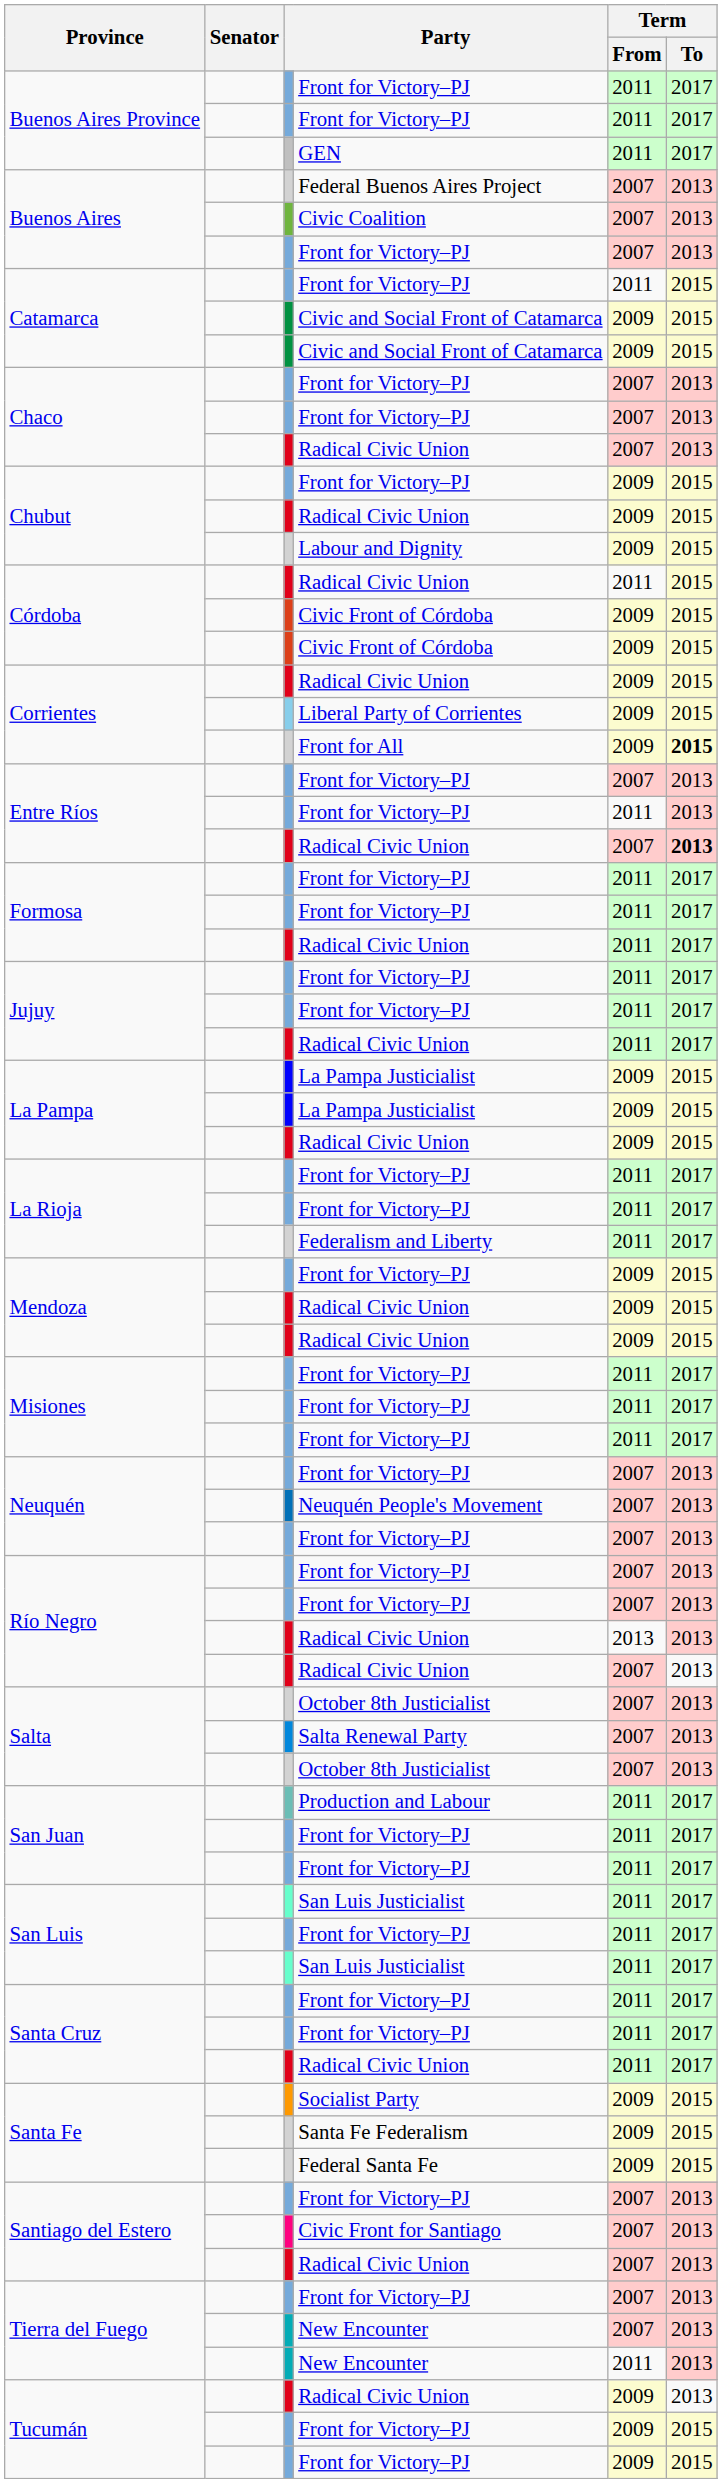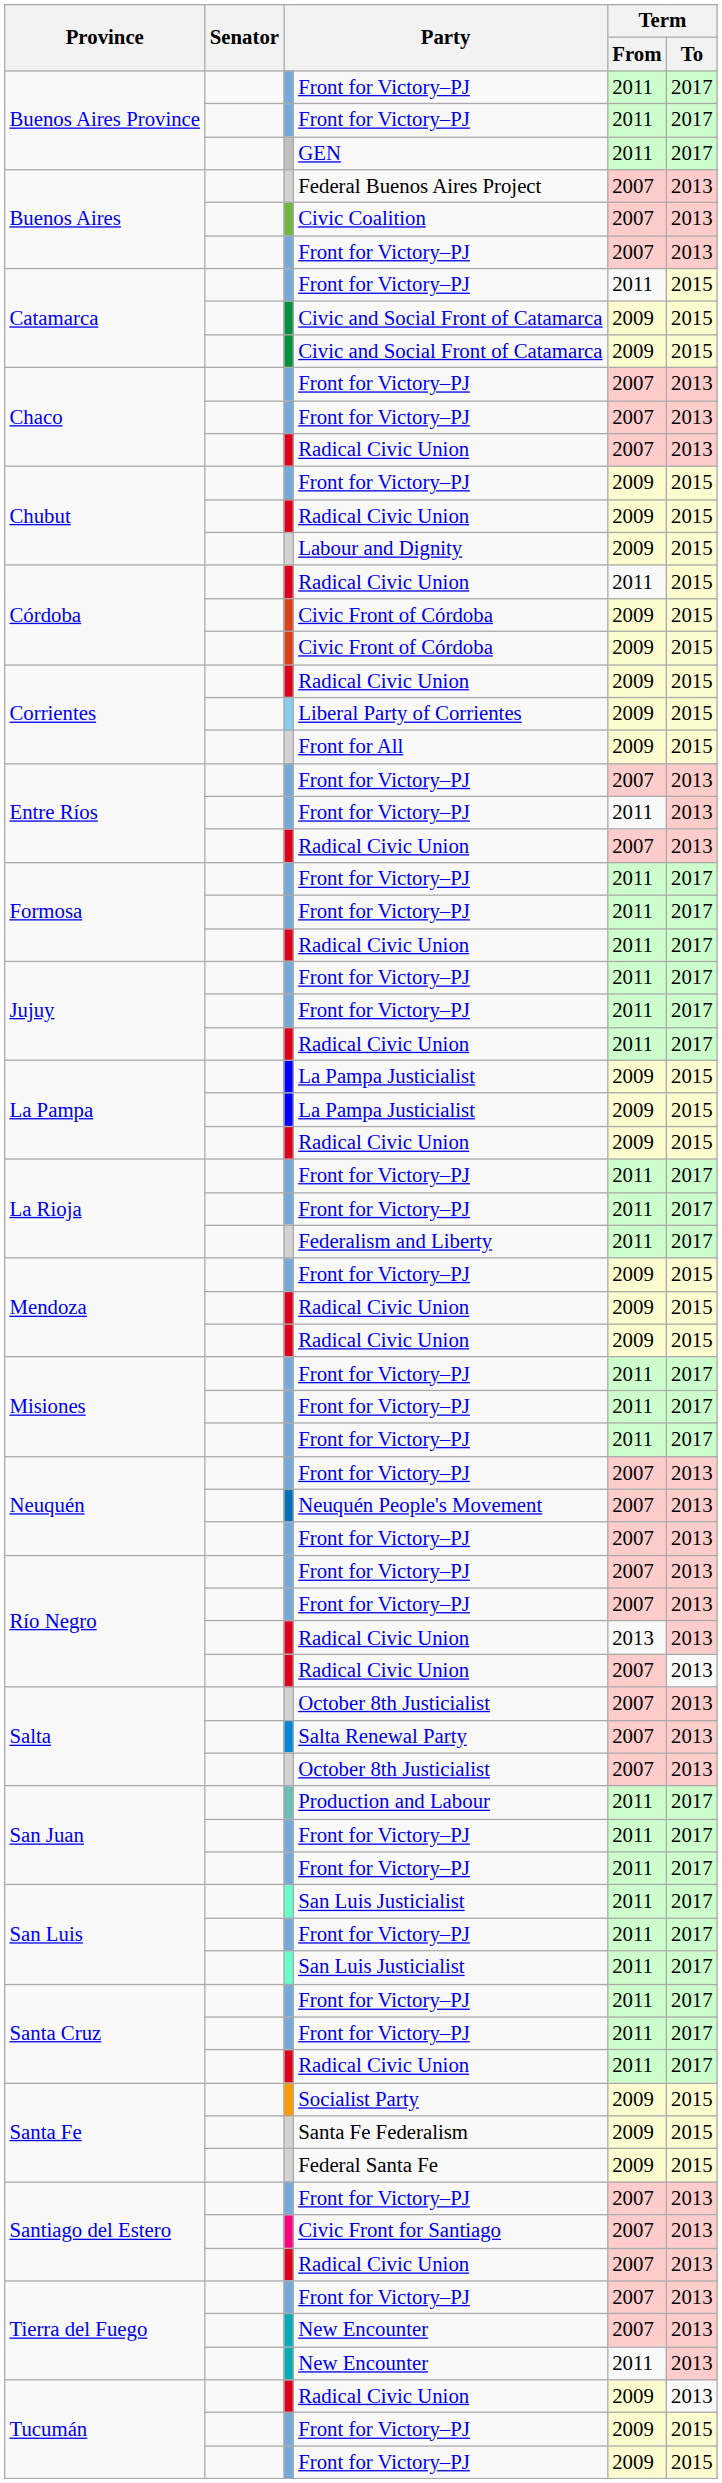 <table class="sortable wikitable">
 <tr>
 <th rowspan=2>Province</th>
 <th rowspan=2>Senator</th>
 <th colspan=2 rowspan=2>Party</th>
 <th colspan=2>Term</th>
 </tr>
 <tr>
 <th>From</th>
 <th>To</th>
 </tr>
 <tr>
 <td rowspan=3><a href='#'>Buenos Aires Province</a></td>
 <td></td>
 <td bgcolor=#75AADB></td>
 <td><a href='#'>Front for Victory–PJ</a></td>
 <td bgcolor=#cfc>2011</td>
 <td bgcolor=#cfc>2017</td>
 </tr>
 <tr>
 <td></td>
 <td bgcolor=#75AADB></td>
 <td><a href='#'>Front for Victory–PJ</a></td>
 <td bgcolor=#cfc>2011</td>
 <td bgcolor=#cfc>2017</td>
 </tr>
 <tr>
 <td></td>
 <td bgcolor=#C0C0C0></td>
 <td><a href='#'>GEN</a></td>
 <td bgcolor=#cfc>2011</td>
 <td bgcolor=#cfc>2017</td>
 </tr>
 <tr>
 <td rowspan=3><a href='#'>Buenos Aires</a></td>
 <td></td>
 <td bgcolor=#D3D3D3></td>
 <td>Federal Buenos Aires Project</td>
 <td bgcolor="#fcc">2007</td>
 <td bgcolor="#fcc">2013</td>
 </tr>
 <tr>
 <td></td>
 <td bgcolor=#6fb53e></td>
 <td><a href='#'>Civic Coalition</a></td>
 <td bgcolor="#fcc">2007</td>
 <td bgcolor="#fcc">2013</td>
 </tr>
 <tr>
 <td></td>
 <td bgcolor=#75AADB></td>
 <td><a href='#'>Front for Victory–PJ</a></td>
 <td bgcolor="#fcc">2007</td>
 <td bgcolor="#fcc">2013</td>
 </tr>
 <tr>
 <td rowspan=3><a href='#'>Catamarca</a></td>
 <td></td>
 <td bgcolor=#75AADB></td>
 <td><a href='#'>Front for Victory–PJ</a></td>
 <td>2011</td>
 <td bgcolor=#fcfccf>2015</td>
 </tr>
 <tr>
 <td></td>
 <td bgcolor=#009241></td>
 <td><a href='#'>Civic and Social Front of Catamarca</a></td>
 <td bgcolor=#fcfccf>2009</td>
 <td bgcolor=#fcfccf>2015</td>
 </tr>
 <tr>
 <td></td>
 <td bgcolor=#009241></td>
 <td><a href='#'>Civic and Social Front of Catamarca</a></td>
 <td bgcolor=#fcfccf>2009</td>
 <td bgcolor=#fcfccf>2015</td>
 </tr>
 <tr>
 <td rowspan=3><a href='#'>Chaco</a></td>
 <td></td>
 <td bgcolor=#75AADB></td>
 <td><a href='#'>Front for Victory–PJ</a></td>
 <td bgcolor="#fcc">2007</td>
 <td bgcolor="#fcc">2013</td>
 </tr>
 <tr>
 <td></td>
 <td bgcolor=#75AADB></td>
 <td><a href='#'>Front for Victory–PJ</a></td>
 <td bgcolor="#fcc">2007</td>
 <td bgcolor="#fcc">2013</td>
 </tr>
 <tr>
 <td></td>
 <td bgcolor=#E10019></td>
 <td><a href='#'>Radical Civic Union</a></td>
 <td bgcolor="#fcc">2007</td>
 <td bgcolor="#fcc">2013</td>
 </tr>
 <tr>
 <td rowspan=3><a href='#'>Chubut</a></td>
 <td></td>
 <td bgcolor=#75AADB></td>
 <td><a href='#'>Front for Victory–PJ</a></td>
 <td bgcolor=#fcfccf>2009</td>
 <td bgcolor=#fcfccf>2015</td>
 </tr>
 <tr>
 <td></td>
 <td bgcolor=#E10019></td>
 <td><a href='#'>Radical Civic Union</a></td>
 <td bgcolor=#fcfccf>2009</td>
 <td bgcolor=#fcfccf>2015</td>
 </tr>
 <tr>
 <td></td>
 <td bgcolor=#D3D3D3></td>
 <td><a href='#'>Labour and Dignity</a></td>
 <td bgcolor=#fcfccf>2009</td>
 <td bgcolor=#fcfccf>2015</td>
 </tr>
 <tr>
 <td rowspan=3><a href='#'>Córdoba</a></td>
 <td></td>
 <td bgcolor=#E10019></td>
 <td><a href='#'>Radical Civic Union</a></td>
 <td>2011</td>
 <td bgcolor=#fcfccf>2015</td>
 </tr>
 <tr>
 <td></td>
 <td bgcolor=#dd3f18></td>
 <td><a href='#'>Civic Front of Córdoba</a></td>
 <td bgcolor=#fcfccf>2009</td>
 <td bgcolor=#fcfccf>2015</td>
 </tr>
 <tr>
 <td></td>
 <td bgcolor=#dd3f18></td>
 <td><a href='#'>Civic Front of Córdoba</a></td>
 <td bgcolor=#fcfccf>2009</td>
 <td bgcolor=#fcfccf>2015</td>
 </tr>
 <tr>
 <td rowspan=3><a href='#'>Corrientes</a></td>
 <td></td>
 <td bgcolor=#E10019></td>
 <td><a href='#'>Radical Civic Union</a></td>
 <td bgcolor=#fcfccf>2009</td>
 <td bgcolor=#fcfccf>2015</td>
 </tr>
 <tr>
 <td></td>
 <td bgcolor=skyblue></td>
 <td><a href='#'>Liberal Party of Corrientes</a></td>
 <td bgcolor=#fcfccf>2009</td>
 <td bgcolor=#fcfccf>2015</td>
 </tr>
 <tr>
 <td></td>
 <td bgcolor=#D3D3D3></td>
 <td><a href='#'>Front for All</a></td>
 <td bgcolor=#fcfccf>2009</td>
-<td bgcolor=#fcfccf><strong>2015</strong></td>
+<td bgcolor=#fcfccf>2015</td>
 </tr>
 <tr>
 <td rowspan=3><a href='#'>Entre Ríos</a></td>
 <td></td>
 <td bgcolor=#75AADB></td>
 <td><a href='#'>Front for Victory–PJ</a></td>
 <td bgcolor="#fcc">2007</td>
 <td bgcolor="#fcc">2013</td>
 </tr>
 <tr>
 <td></td>
 <td bgcolor=#75AADB></td>
 <td><a href='#'>Front for Victory–PJ</a></td>
 <td>2011</td>
 <td bgcolor="#fcc">2013</td>
 </tr>
 <tr>
 <td></td>
 <td bgcolor=#E10019></td>
 <td><a href='#'>Radical Civic Union</a></td>
 <td bgcolor="#fcc">2007</td>
-<td bgcolor="#fcc"><strong>2013</strong></td>
+<td bgcolor="#fcc">2013</td>
 </tr>
 <tr>
 <td rowspan=3><a href='#'>Formosa</a></td>
 <td></td>
 <td bgcolor=#75AADB></td>
 <td><a href='#'>Front for Victory–PJ</a></td>
 <td bgcolor=#cfc>2011</td>
 <td bgcolor=#cfc>2017</td>
 </tr>
 <tr>
 <td></td>
 <td bgcolor=#75AADB></td>
 <td><a href='#'>Front for Victory–PJ</a></td>
 <td bgcolor=#cfc>2011</td>
 <td bgcolor=#cfc>2017</td>
 </tr>
 <tr>
 <td></td>
 <td bgcolor=#E10019></td>
 <td><a href='#'>Radical Civic Union</a></td>
 <td bgcolor=#cfc>2011</td>
 <td bgcolor=#cfc>2017</td>
 </tr>
 <tr>
 <td rowspan=3><a href='#'>Jujuy</a></td>
 <td></td>
 <td bgcolor=#75AADB></td>
 <td><a href='#'>Front for Victory–PJ</a></td>
 <td bgcolor=#cfc>2011</td>
 <td bgcolor=#cfc>2017</td>
 </tr>
 <tr>
 <td></td>
 <td bgcolor=#75AADB></td>
 <td><a href='#'>Front for Victory–PJ</a></td>
 <td bgcolor=#cfc>2011</td>
 <td bgcolor=#cfc>2017</td>
 </tr>
 <tr>
 <td></td>
 <td bgcolor=#E10019></td>
 <td><a href='#'>Radical Civic Union</a></td>
 <td bgcolor=#cfc>2011</td>
 <td bgcolor=#cfc>2017</td>
 </tr>
 <tr>
 <td rowspan=3><a href='#'>La Pampa</a></td>
 <td></td>
 <td bgcolor=blue></td>
 <td><a href='#'>La Pampa Justicialist</a></td>
 <td bgcolor=#fcfccf>2009</td>
 <td bgcolor=#fcfccf>2015</td>
 </tr>
 <tr>
 <td></td>
 <td bgcolor=blue></td>
 <td><a href='#'>La Pampa Justicialist</a></td>
 <td bgcolor=#fcfccf>2009</td>
 <td bgcolor=#fcfccf>2015</td>
 </tr>
 <tr>
 <td></td>
 <td bgcolor=#E10019></td>
 <td><a href='#'>Radical Civic Union</a></td>
 <td bgcolor=#fcfccf>2009</td>
 <td bgcolor=#fcfccf>2015</td>
 </tr>
 <tr>
 <td rowspan=3><a href='#'>La Rioja</a></td>
 <td></td>
 <td bgcolor=#75AADB></td>
 <td><a href='#'>Front for Victory–PJ</a></td>
 <td bgcolor=#cfc>2011</td>
 <td bgcolor=#cfc>2017</td>
 </tr>
 <tr>
 <td></td>
 <td bgcolor=#75AADB></td>
 <td><a href='#'>Front for Victory–PJ</a></td>
 <td bgcolor=#cfc>2011</td>
 <td bgcolor=#cfc>2017</td>
 </tr>
 <tr>
 <td></td>
 <td bgcolor=#D3D3D3></td>
 <td><a href='#'>Federalism and Liberty</a></td>
 <td bgcolor=#cfc>2011</td>
 <td bgcolor=#cfc>2017</td>
 </tr>
 <tr>
 <td rowspan=3><a href='#'>Mendoza</a></td>
 <td></td>
 <td bgcolor=#75AADB></td>
 <td><a href='#'>Front for Victory–PJ</a></td>
 <td bgcolor=#fcfccf>2009</td>
 <td bgcolor=#fcfccf>2015</td>
 </tr>
 <tr>
 <td></td>
 <td bgcolor=#E10019></td>
 <td><a href='#'>Radical Civic Union</a></td>
 <td bgcolor=#fcfccf>2009</td>
 <td bgcolor=#fcfccf>2015</td>
 </tr>
 <tr>
 <td></td>
 <td bgcolor=#E10019></td>
 <td><a href='#'>Radical Civic Union</a></td>
 <td bgcolor=#fcfccf>2009</td>
 <td bgcolor=#fcfccf>2015</td>
 </tr>
 <tr>
 <td rowspan=3><a href='#'>Misiones</a></td>
 <td></td>
 <td bgcolor=#75AADB></td>
 <td><a href='#'>Front for Victory–PJ</a></td>
 <td bgcolor=#cfc>2011</td>
 <td bgcolor=#cfc>2017</td>
 </tr>
 <tr>
 <td></td>
 <td bgcolor=#75AADB></td>
 <td><a href='#'>Front for Victory–PJ</a></td>
 <td bgcolor=#cfc>2011</td>
 <td bgcolor=#cfc>2017</td>
 </tr>
 <tr>
 <td></td>
 <td bgcolor=#75AADB></td>
 <td><a href='#'>Front for Victory–PJ</a></td>
 <td bgcolor=#cfc>2011</td>
 <td bgcolor=#cfc>2017</td>
 </tr>
 <tr>
 <td rowspan=3><a href='#'>Neuquén</a></td>
 <td></td>
 <td bgcolor=#75AADB></td>
 <td><a href='#'>Front for Victory–PJ</a></td>
 <td bgcolor="#fcc">2007</td>
 <td bgcolor="#fcc">2013</td>
 </tr>
 <tr>
 <td></td>
 <td bgcolor=#0070b8></td>
 <td><a href='#'>Neuquén People's Movement</a></td>
 <td bgcolor="#fcc">2007</td>
 <td bgcolor="#fcc">2013</td>
 </tr>
 <tr>
 <td></td>
 <td bgcolor=#75AADB></td>
 <td><a href='#'>Front for Victory–PJ</a></td>
 <td bgcolor="#fcc">2007</td>
 <td bgcolor="#fcc">2013</td>
 </tr>
 <tr>
 <td rowspan=4><a href='#'>Río Negro</a></td>
 <td></td>
 <td bgcolor=#75AADB></td>
 <td><a href='#'>Front for Victory–PJ</a></td>
 <td bgcolor="#fcc">2007</td>
 <td bgcolor="#fcc">2013</td>
 </tr>
 <tr>
 <td></td>
 <td bgcolor=#75AADB></td>
 <td><a href='#'>Front for Victory–PJ</a></td>
 <td bgcolor="#fcc">2007</td>
 <td bgcolor="#fcc">2013</td>
 </tr>
 <tr>
 <td></td>
 <td bgcolor=#E10019></td>
 <td><a href='#'>Radical Civic Union</a></td>
 <td>2013</td>
 <td bgcolor="#fcc">2013</td>
 </tr>
 <tr>
 <td></td>
 <td bgcolor=#E10019></td>
 <td><a href='#'>Radical Civic Union</a></td>
 <td bgcolor="#fcc">2007</td>
 <td>2013</td>
 </tr>
 <tr>
 <td rowspan=3><a href='#'>Salta</a></td>
 <td></td>
 <td bgcolor=#D3D3D3></td>
 <td><a href='#'>October 8th Justicialist</a></td>
 <td bgcolor="#fcc">2007</td>
 <td bgcolor="#fcc">2013</td>
 </tr>
 <tr>
 <td></td>
 <td bgcolor=#0087DC></td>
 <td><a href='#'>Salta Renewal Party</a></td>
 <td bgcolor="#fcc">2007</td>
 <td bgcolor="#fcc">2013</td>
 </tr>
 <tr>
 <td></td>
 <td bgcolor=#D3D3D3></td>
 <td><a href='#'>October 8th Justicialist</a></td>
 <td bgcolor="#fcc">2007</td>
 <td bgcolor="#fcc">2013</td>
 </tr>
 <tr>
 <td rowspan=3><a href='#'>San Juan</a></td>
 <td></td>
 <td bgcolor=#6bbeb6></td>
 <td><a href='#'>Production and Labour</a></td>
 <td bgcolor=#cfc>2011</td>
 <td bgcolor=#cfc>2017</td>
 </tr>
 <tr>
 <td></td>
 <td bgcolor=#75AADB></td>
 <td><a href='#'>Front for Victory–PJ</a></td>
 <td bgcolor=#cfc>2011</td>
 <td bgcolor=#cfc>2017</td>
 </tr>
 <tr>
 <td></td>
 <td bgcolor=#75AADB></td>
 <td><a href='#'>Front for Victory–PJ</a></td>
 <td bgcolor=#cfc>2011</td>
 <td bgcolor=#cfc>2017</td>
 </tr>
 <tr>
 <td rowspan=3><a href='#'>San Luis</a></td>
 <td></td>
 <td bgcolor=#66FFCC></td>
 <td><a href='#'>San Luis Justicialist</a></td>
 <td bgcolor=#cfc>2011</td>
 <td bgcolor=#cfc>2017</td>
 </tr>
 <tr>
 <td></td>
 <td bgcolor=#75AADB></td>
 <td><a href='#'>Front for Victory–PJ</a></td>
 <td bgcolor=#cfc>2011</td>
 <td bgcolor=#cfc>2017</td>
 </tr>
 <tr>
 <td></td>
 <td bgcolor=#66FFCC></td>
 <td><a href='#'>San Luis Justicialist</a></td>
 <td bgcolor=#cfc>2011</td>
 <td bgcolor=#cfc>2017</td>
 </tr>
 <tr>
 <td rowspan=3><a href='#'>Santa Cruz</a></td>
 <td></td>
 <td bgcolor=#75AADB></td>
 <td><a href='#'>Front for Victory–PJ</a></td>
 <td bgcolor=#cfc>2011</td>
 <td bgcolor=#cfc>2017</td>
 </tr>
 <tr>
 <td></td>
 <td bgcolor=#75AADB></td>
 <td><a href='#'>Front for Victory–PJ</a></td>
 <td bgcolor=#cfc>2011</td>
 <td bgcolor=#cfc>2017</td>
 </tr>
 <tr>
 <td></td>
 <td bgcolor=#E10019></td>
 <td><a href='#'>Radical Civic Union</a></td>
 <td bgcolor=#cfc>2011</td>
 <td bgcolor=#cfc>2017</td>
 </tr>
 <tr>
 <td rowspan=3><a href='#'>Santa Fe</a></td>
 <td></td>
 <td bgcolor=#FF9900></td>
 <td><a href='#'>Socialist Party</a></td>
 <td bgcolor=#fcfccf>2009</td>
 <td bgcolor=#fcfccf>2015</td>
 </tr>
 <tr>
 <td></td>
 <td bgcolor=#D3D3D3></td>
 <td>Santa Fe Federalism</td>
 <td bgcolor=#fcfccf>2009</td>
 <td bgcolor=#fcfccf>2015</td>
 </tr>
 <tr>
 <td></td>
 <td bgcolor=#D3D3D3></td>
 <td>Federal Santa Fe</td>
 <td bgcolor=#fcfccf>2009</td>
 <td bgcolor=#fcfccf>2015</td>
 </tr>
 <tr>
 <td rowspan=3><a href='#'>Santiago del Estero</a></td>
 <td></td>
 <td bgcolor=#75AADB></td>
 <td><a href='#'>Front for Victory–PJ</a></td>
 <td bgcolor="#fcc">2007</td>
 <td bgcolor="#fcc">2013</td>
 </tr>
 <tr>
 <td></td>
 <td bgcolor=#FF0080></td>
 <td><a href='#'>Civic Front for Santiago</a></td>
 <td bgcolor="#fcc">2007</td>
 <td bgcolor="#fcc">2013</td>
 </tr>
 <tr>
 <td></td>
 <td bgcolor=#E10019></td>
 <td><a href='#'>Radical Civic Union</a></td>
 <td bgcolor="#fcc">2007</td>
 <td bgcolor="#fcc">2013</td>
 </tr>
 <tr>
 <td rowspan=3><a href='#'>Tierra del Fuego</a></td>
 <td></td>
 <td bgcolor=#75AADB></td>
 <td><a href='#'>Front for Victory–PJ</a></td>
 <td bgcolor="#fcc">2007</td>
 <td bgcolor="#fcc">2013</td>
 </tr>
 <tr>
 <td></td>
 <td bgcolor=#03ACB6></td>
 <td><a href='#'>New Encounter</a></td>
 <td bgcolor="#fcc">2007</td>
 <td bgcolor="#fcc">2013</td>
 </tr>
 <tr>
 <td></td>
 <td bgcolor=#03ACB6></td>
 <td><a href='#'>New Encounter</a></td>
 <td>2011</td>
 <td bgcolor="#fcc">2013</td>
 </tr>
 <tr>
 <td rowspan=3><a href='#'>Tucumán</a></td>
 <td></td>
 <td bgcolor=#E10019></td>
 <td><a href='#'>Radical Civic Union</a></td>
 <td bgcolor=#fcfccf>2009</td>
 <td>2013</td>
 </tr>
 <tr>
 <td></td>
 <td bgcolor=#75AADB></td>
 <td><a href='#'>Front for Victory–PJ</a></td>
 <td bgcolor=#fcfccf>2009</td>
 <td bgcolor=#fcfccf>2015</td>
 </tr>
 <tr>
 <td></td>
 <td bgcolor=#75AADB></td>
 <td><a href='#'>Front for Victory–PJ</a></td>
 <td bgcolor=#fcfccf>2009</td>
 <td bgcolor=#fcfccf>2015</td>
 </tr>
 </table>
